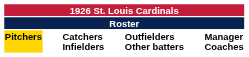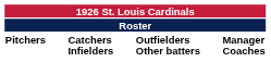 <table class="toccolours" style="font-size: 95%;">
 <tr>
 <th colspan="10" style="background-color: #c41c3a; color: white; text-align: center;">1926 St. Louis Cardinals</th>
 </tr>
 <tr>
 <td colspan="10" style="background-color: #0a2252; color: white; text-align: center;"><strong>Roster</strong></td>
 </tr>
 <tr>
-<td valign="top" style="background: gold;"><strong>Pitchers</strong><br>             </td>
+<td valign="top"><strong>Pitchers</strong><br>             </td>
 <td width="25px"></td>
 <td valign="top"><strong>Catchers</strong><br>   <strong>Infielders</strong>      </td>
 <td width="25px"></td>
 <td valign="top"><strong>Outfielders</strong><br>      <strong>Other batters</strong> </td>
 <td width="25px"></td>
 <td valign="top"><strong>Manager</strong><br> <strong>Coaches</strong>  </td>
 </tr>
 </table>
